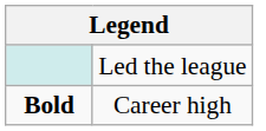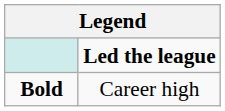 <table class="wikitable" style="text-align:center;">
 <tr>
 <th colspan="2">Legend</th>
 </tr>
 <tr>
 <td style="background:#cfecec; width:3em;"></td>
-<td>Led the league</td>
+<td><strong>Led the league</strong></td>
 </tr>
 <tr>
 <td><strong> Bold </strong></td>
 <td>Career high</td>
 </tr>
 </table>
